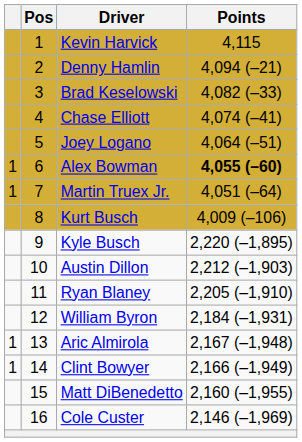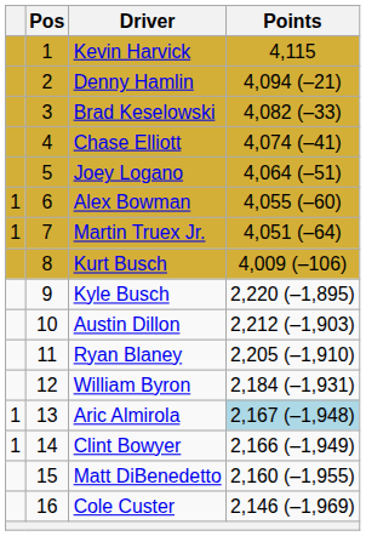 <table class="wikitable" style="font-size: 95%">
 <tr>
 <th></th>
 <th>Pos</th>
 <th>Driver</th>
 <th>Points</th>
 </tr>
 <tr style="background:#D4AF37;">
 <td align="left"></td>
 <td style="text-align:center;">1</td>
 <td><a href='#'>Kevin Harvick</a></td>
 <td style="text-align:center;">4,115</td>
 </tr>
 <tr style="background:#D4AF37;">
 <td align="left"></td>
 <td style="text-align:center;">2</td>
 <td><a href='#'>Denny Hamlin</a></td>
 <td style="text-align:center;">4,094 (–21)</td>
 </tr>
 <tr style="background:#D4AF37;">
 <td align="left"></td>
 <td style="text-align:center;">3</td>
 <td><a href='#'>Brad Keselowski</a></td>
 <td style="text-align:center;">4,082 (–33)</td>
 </tr>
 <tr style="background:#D4AF37;">
 <td align="left"></td>
 <td style="text-align:center;">4</td>
 <td><a href='#'>Chase Elliott</a></td>
 <td style="text-align:center;">4,074 (–41)</td>
 </tr>
 <tr style="background:#D4AF37;">
 <td align="left"></td>
 <td style="text-align:center;">5</td>
 <td><a href='#'>Joey Logano</a></td>
 <td style="text-align:center;">4,064 (–51)</td>
 </tr>
 <tr style="background:#D4AF37;">
 <td align="left"> 1</td>
 <td style="text-align:center;">6</td>
 <td><a href='#'>Alex Bowman</a></td>
-<td style="text-align:center;"><strong>4,055 (–60)</strong></td>
+<td style="text-align:center;">4,055 (–60)</td>
 </tr>
 <tr style="background:#D4AF37;">
 <td align="left"> 1</td>
 <td style="text-align:center;">7</td>
 <td><a href='#'>Martin Truex Jr.</a></td>
 <td style="text-align:center;">4,051 (–64)</td>
 </tr>
 <tr style="background:#D4AF37;">
 <td align="left"></td>
 <td style="text-align:center;">8</td>
 <td><a href='#'>Kurt Busch</a></td>
 <td style="text-align:center;">4,009 (–106)</td>
 </tr>
 <tr>
 <td align="left"></td>
 <td style="text-align:center;">9</td>
 <td><a href='#'>Kyle Busch</a></td>
 <td style="text-align:center;">2,220 (–1,895)</td>
 </tr>
 <tr>
 <td align="left"></td>
 <td style="text-align:center;">10</td>
 <td><a href='#'>Austin Dillon</a></td>
 <td style="text-align:center;">2,212 (–1,903)</td>
 </tr>
 <tr>
 <td align="left"></td>
 <td style="text-align:center;">11</td>
 <td><a href='#'>Ryan Blaney</a></td>
 <td style="text-align:center;">2,205 (–1,910)</td>
 </tr>
 <tr>
 <td align="left"></td>
 <td style="text-align:center;">12</td>
 <td><a href='#'>William Byron</a></td>
 <td style="text-align:center;">2,184 (–1,931)</td>
 </tr>
 <tr>
 <td align="left"> 1</td>
 <td style="text-align:center;">13</td>
 <td><a href='#'>Aric Almirola</a></td>
-<td style="text-align:center;">2,167 (–1,948)</td>
+<td style="background: lightblue; text-align:center;">2,167 (–1,948)</td>
 </tr>
 <tr>
 <td align="left"> 1</td>
 <td style="text-align:center;">14</td>
 <td><a href='#'>Clint Bowyer</a></td>
 <td style="text-align:center;">2,166 (–1,949)</td>
 </tr>
 <tr>
 <td align="left"></td>
 <td style="text-align:center;">15</td>
 <td><a href='#'>Matt DiBenedetto</a></td>
 <td style="text-align:center;">2,160 (–1,955)</td>
 </tr>
 <tr>
 <td align="left"></td>
 <td style="text-align:center;">16</td>
 <td><a href='#'>Cole Custer</a></td>
 <td style="text-align:center;">2,146 (–1,969)</td>
 </tr>
 <tr class="sortbottom">
 <th colspan="9"></th>
 </tr>
 </table>
